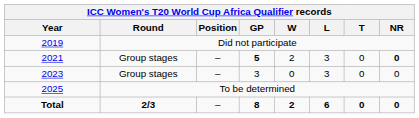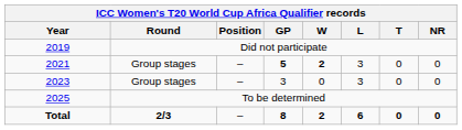 <table class="wikitable" style="text-align: center; width=900px;">
 <tr>
 <th colspan=9><a href='#'>ICC Women's T20 World Cup Africa Qualifier</a> records</th>
 </tr>
 <tr>
 <th width=150>Year</th>
 <th width=150>Round</th>
 <th width=50>Position</th>
 <th width=50>GP</th>
 <th width=50>W</th>
 <th width=50>L</th>
 <th width=50>T</th>
 <th width=50>NR</th>
 </tr>
 <tr>
 <td> <a href='#'>2019</a></td>
 <td colspan=8>Did not participate</td>
 </tr>
 <tr>
 <td> <a href='#'>2021</a></td>
 <td>Group stages</td>
 <td>–</td>
 <td><strong>5</strong></td>
-<td>2</td>
+<td><strong>2</strong></td>
 <td>3</td>
 <td>0</td>
-<td><strong>0</strong></td>
+<td>0</td>
 </tr>
 <tr>
 <td> <a href='#'>2023</a></td>
 <td>Group stages</td>
 <td>–</td>
 <td>3</td>
 <td>0</td>
 <td>3</td>
 <td>0</td>
 <td>0</td>
 </tr>
 <tr>
 <td> <a href='#'>2025</a></td>
 <td colspan=8>To be determined</td>
 </tr>
 <tr>
 <td><strong>Total</strong></td>
 <td><strong>2/3</strong></td>
 <td>–</td>
 <td><strong>8</strong></td>
 <td><strong>2</strong></td>
 <td><strong>6</strong></td>
 <td><strong>0</strong></td>
 <td><strong>0</strong></td>
 </tr>
 </table>
